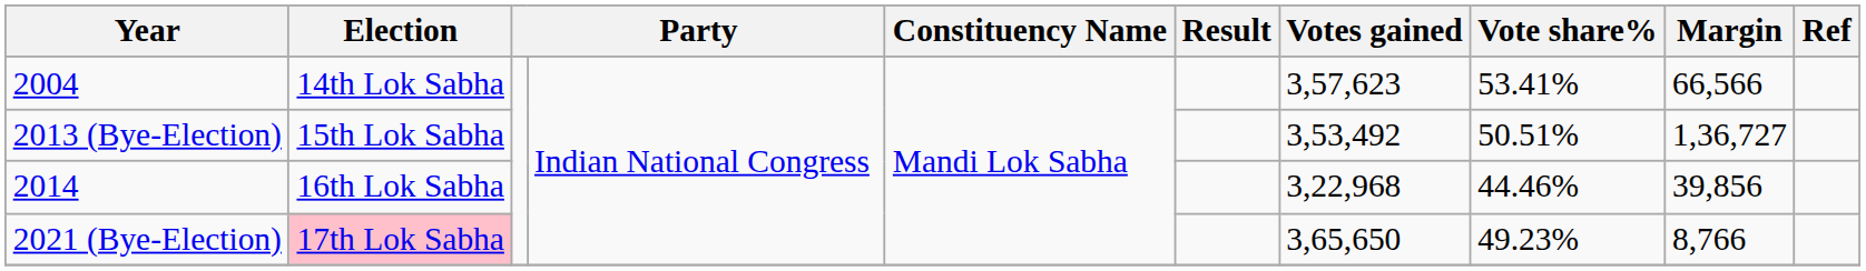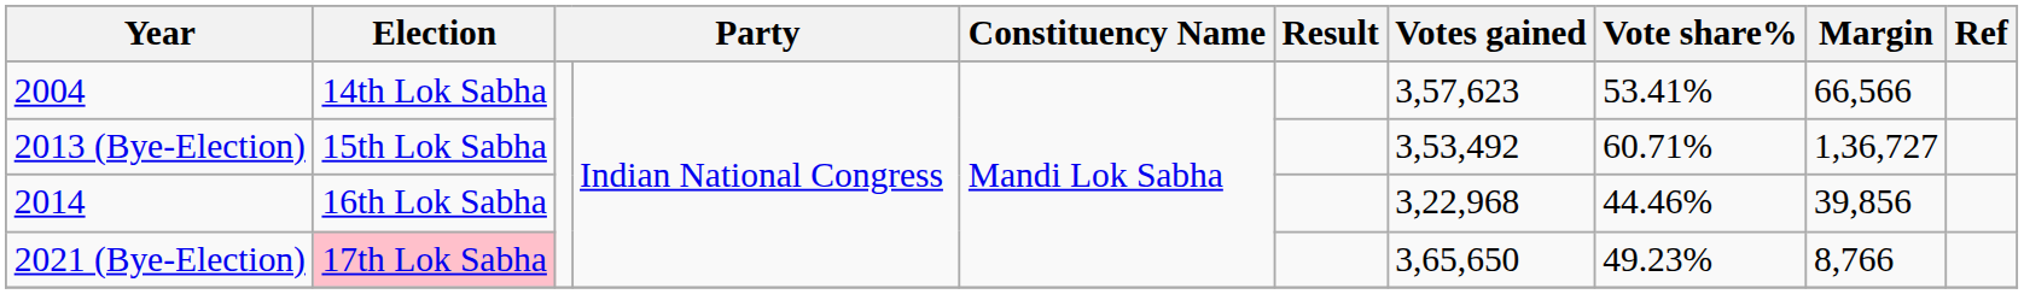 <table class="wikitable">
 <tr>
 <th>Year</th>
 <th>Election</th>
 <th colspan="2">Party</th>
 <th>Constituency Name</th>
 <th>Result</th>
 <th>Votes gained</th>
 <th>Vote share%</th>
 <th>Margin</th>
 <th>Ref</th>
 </tr>
 <tr>
 <td><a href='#'>2004</a></td>
 <td><a href='#'>14th Lok Sabha</a></td>
 <td rowspan="4" style="background-color: "></td>
 <td rowspan="4"><a href='#'>Indian National Congress</a> </td>
 <td rowspan="4"><a href='#'>Mandi Lok Sabha</a></td>
 <td></td>
 <td>3,57,623</td>
 <td>53.41%</td>
 <td>66,566</td>
 <td></td>
 </tr>
 <tr>
 <td><a href='#'>2013 (Bye-Election)</a></td>
 <td><a href='#'>15th Lok Sabha</a></td>
 <td></td>
 <td>3,53,492</td>
-<td>50.51%</td>
+<td>60.71%</td>
 <td>1,36,727</td>
 <td></td>
 </tr>
 <tr>
 <td><a href='#'>2014</a></td>
 <td><a href='#'>16th Lok Sabha</a></td>
 <td></td>
 <td>3,22,968</td>
 <td>44.46%</td>
 <td>39,856</td>
 <td></td>
 </tr>
 <tr>
 <td><a href='#'>2021 (Bye-Election)</a></td>
 <td style="background: pink;"><a href='#'>17th Lok Sabha</a></td>
 <td></td>
 <td>3,65,650</td>
 <td>49.23%</td>
 <td>8,766</td>
 <td></td>
 </tr>
 <tr>
 </tr>
 </table>
